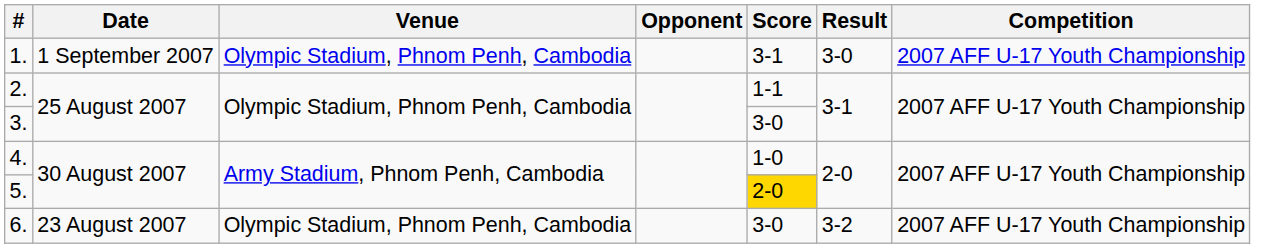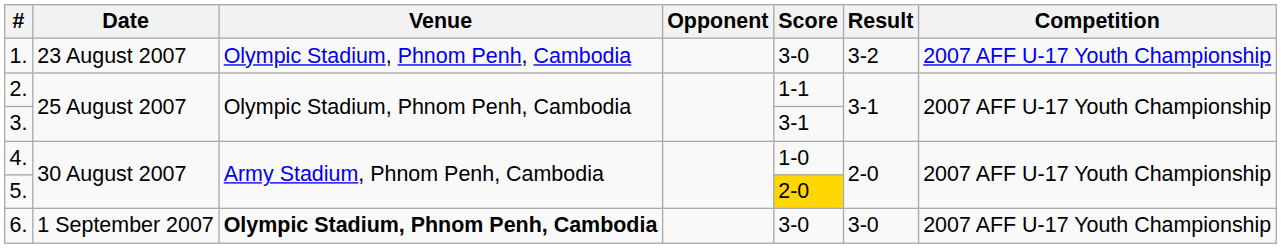 <table class="wikitable">
 <tr>
 <th>#</th>
 <th>Date</th>
 <th>Venue</th>
 <th>Opponent</th>
 <th>Score</th>
 <th>Result</th>
 <th>Competition</th>
 </tr>
 <tr>
 <td>1.</td>
-<td>1 September 2007</td>
+<td>23 August 2007</td>
 <td><a href='#'>Olympic Stadium</a>, <a href='#'>Phnom Penh</a>, <a href='#'>Cambodia</a></td>
 <td></td>
-<td>3-1</td>
 <td>3-0</td>
+<td>3-2</td>
 <td><a href='#'>2007 AFF U-17 Youth Championship</a></td>
 </tr>
 <tr>
 <td>2.</td>
 <td rowspan="2">25 August 2007</td>
 <td rowspan="2">Olympic Stadium, Phnom Penh, Cambodia</td>
 <td rowspan="2"></td>
 <td>1-1</td>
 <td rowspan="2">3-1</td>
 <td rowspan="2">2007 AFF U-17 Youth Championship</td>
 </tr>
 <tr>
 <td>3.</td>
-<td>3-0</td>
+<td>3-1</td>
 </tr>
 <tr>
 <td>4.</td>
 <td rowspan="2">30 August 2007</td>
 <td rowspan="2"><a href='#'>Army Stadium</a>, Phnom Penh, Cambodia</td>
 <td rowspan="2"></td>
 <td>1-0</td>
 <td rowspan="2">2-0</td>
 <td rowspan="2">2007 AFF U-17 Youth Championship</td>
 </tr>
 <tr>
 <td>5.</td>
 <td style="background: gold;">2-0</td>
 </tr>
 <tr>
 <td>6.</td>
-<td>23 August 2007</td>
-<td>Olympic Stadium, Phnom Penh, Cambodia</td>
+<td>1 September 2007</td>
+<td><strong>Olympic Stadium, Phnom Penh, Cambodia</strong></td>
 <td></td>
 <td>3-0</td>
-<td>3-2</td>
+<td>3-0</td>
 <td>2007 AFF U-17 Youth Championship</td>
 </tr>
 </table>
